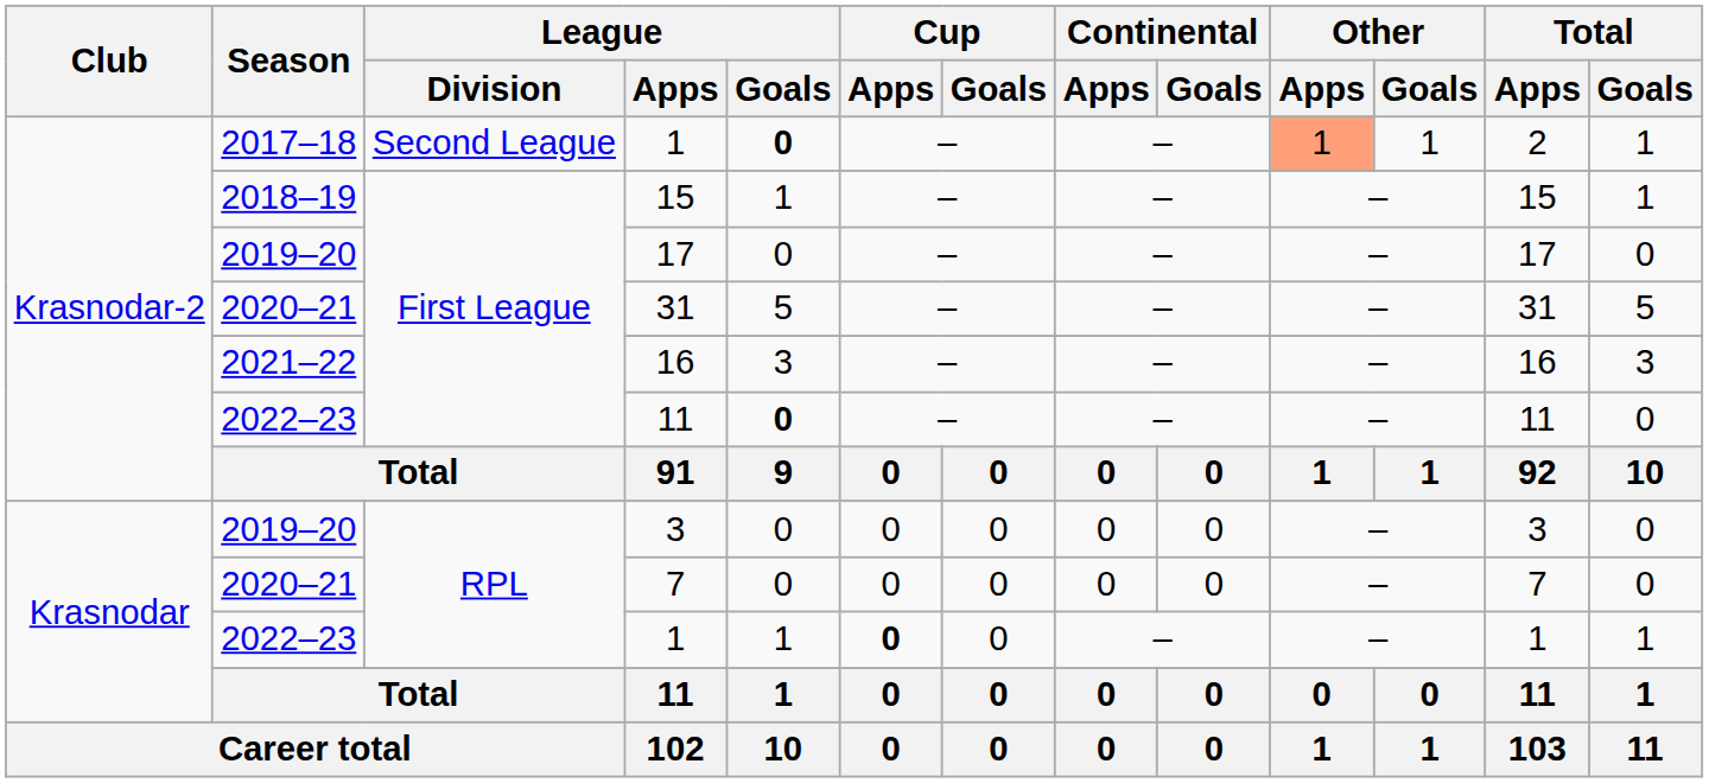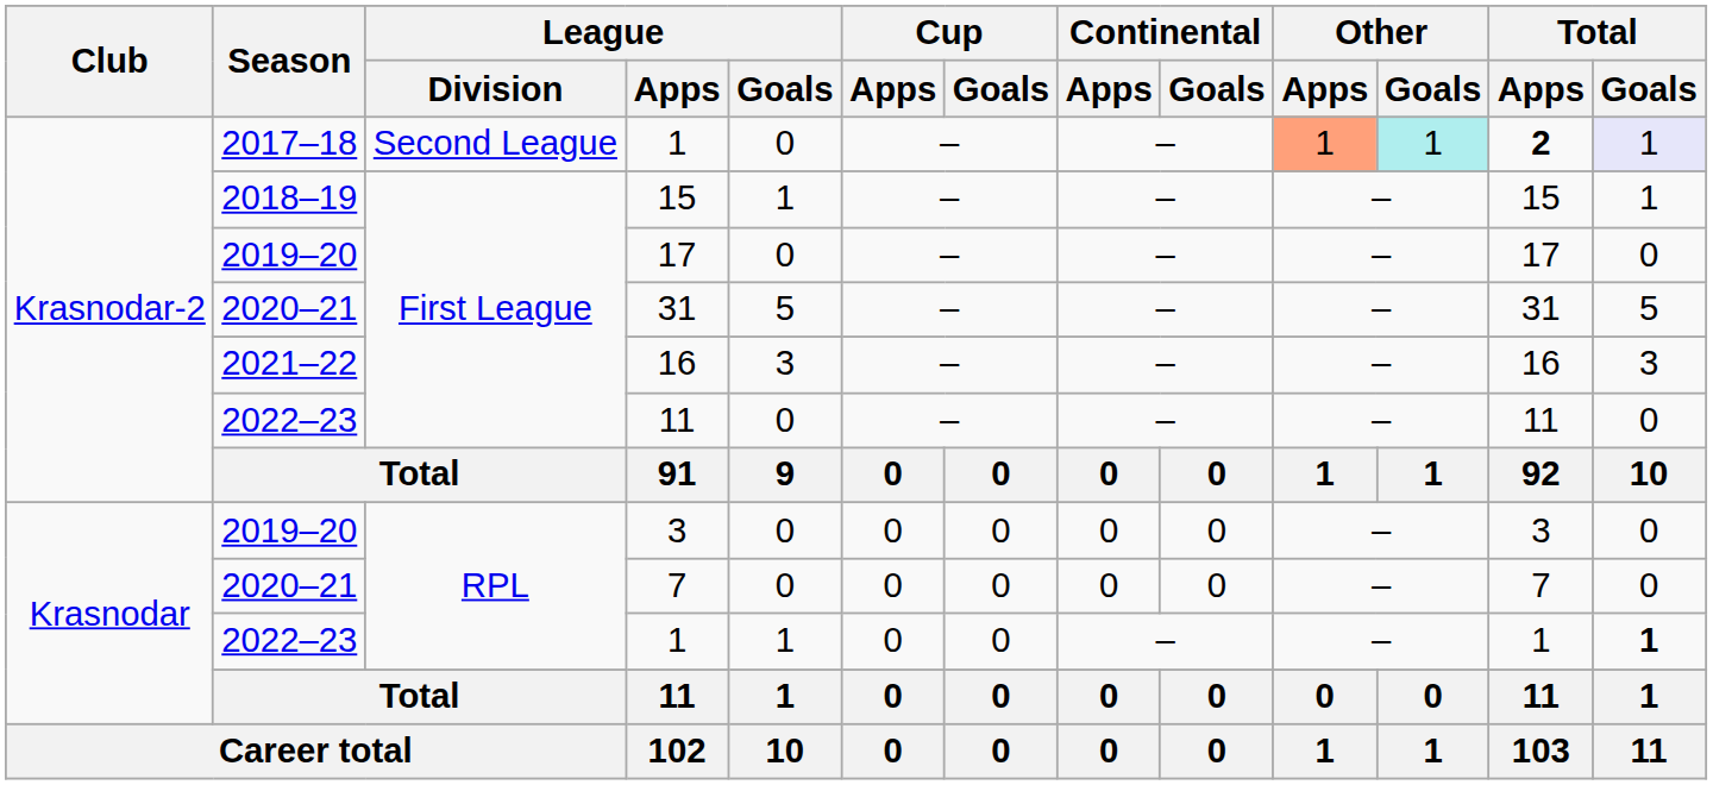 <table class="wikitable" style="text-align: center;">
 <tr>
 <th rowspan=2>Club</th>
 <th rowspan=2>Season</th>
 <th colspan=3>League</th>
 <th colspan=2>Cup</th>
 <th colspan=2>Continental</th>
 <th colspan=2>Other</th>
 <th colspan=2>Total</th>
 </tr>
 <tr>
 <th>Division</th>
 <th>Apps</th>
 <th>Goals</th>
 <th>Apps</th>
 <th>Goals</th>
 <th>Apps</th>
 <th>Goals</th>
 <th>Apps</th>
 <th>Goals</th>
 <th>Apps</th>
 <th>Goals</th>
 </tr>
 <tr>
 <td rowspan=7><a href='#'>Krasnodar-2</a></td>
 <td><a href='#'>2017–18</a></td>
 <td><a href='#'>Second League</a></td>
 <td>1</td>
-<td><strong>0</strong></td>
+<td>0</td>
 <td colspan=2>–</td>
 <td colspan=2>–</td>
 <td style="background: lightsalmon;">1</td>
-<td>1</td>
-<td>2</td>
-<td>1</td>
+<td style="background: paleturquoise;">1</td>
+<td><strong>2</strong></td>
+<td style="background: lavender;">1</td>
 </tr>
 <tr>
 <td><a href='#'>2018–19</a></td>
 <td rowspan=5><a href='#'>First League</a></td>
 <td>15</td>
 <td>1</td>
 <td colspan=2>–</td>
 <td colspan=2>–</td>
 <td colspan=2>–</td>
 <td>15</td>
 <td>1</td>
 </tr>
 <tr>
 <td><a href='#'>2019–20</a></td>
 <td>17</td>
 <td>0</td>
 <td colspan=2>–</td>
 <td colspan=2>–</td>
 <td colspan=2>–</td>
 <td>17</td>
 <td>0</td>
 </tr>
 <tr>
 <td><a href='#'>2020–21</a></td>
 <td>31</td>
 <td>5</td>
 <td colspan=2>–</td>
 <td colspan=2>–</td>
 <td colspan=2>–</td>
 <td>31</td>
 <td>5</td>
 </tr>
 <tr>
 <td><a href='#'>2021–22</a></td>
 <td>16</td>
 <td>3</td>
 <td colspan=2>–</td>
 <td colspan=2>–</td>
 <td colspan=2>–</td>
 <td>16</td>
 <td>3</td>
 </tr>
 <tr>
 <td><a href='#'>2022–23</a></td>
 <td>11</td>
-<td><strong>0</strong></td>
+<td>0</td>
 <td colspan=2>–</td>
 <td colspan=2>–</td>
 <td colspan=2>–</td>
 <td>11</td>
 <td>0</td>
 </tr>
 <tr>
 <th colspan=2>Total</th>
 <th>91</th>
 <th>9</th>
 <th>0</th>
 <th>0</th>
 <th>0</th>
 <th>0</th>
 <th>1</th>
 <th>1</th>
 <th>92</th>
 <th>10</th>
 </tr>
 <tr>
 <td rowspan=4><a href='#'>Krasnodar</a></td>
 <td><a href='#'>2019–20</a></td>
 <td rowspan=3><a href='#'>RPL</a></td>
 <td>3</td>
 <td>0</td>
 <td>0</td>
 <td>0</td>
 <td>0</td>
 <td>0</td>
 <td colspan=2>–</td>
 <td>3</td>
 <td>0</td>
 </tr>
 <tr>
 <td><a href='#'>2020–21</a></td>
 <td>7</td>
 <td>0</td>
 <td>0</td>
 <td>0</td>
 <td>0</td>
 <td>0</td>
 <td colspan=2>–</td>
 <td>7</td>
 <td>0</td>
 </tr>
 <tr>
 <td><a href='#'>2022–23</a></td>
 <td>1</td>
 <td>1</td>
-<td><strong>0</strong></td>
+<td>0</td>
 <td>0</td>
 <td colspan=2>–</td>
 <td colspan=2>–</td>
 <td>1</td>
-<td>1</td>
+<td><strong>1</strong></td>
 </tr>
 <tr>
 <th colspan=2>Total</th>
 <th>11</th>
 <th>1</th>
 <th>0</th>
 <th>0</th>
 <th>0</th>
 <th>0</th>
 <th>0</th>
 <th>0</th>
 <th>11</th>
 <th>1</th>
 </tr>
 <tr>
 <th colspan=3>Career total</th>
 <th>102</th>
 <th>10</th>
 <th>0</th>
 <th>0</th>
 <th>0</th>
 <th>0</th>
 <th>1</th>
 <th>1</th>
 <th>103</th>
 <th>11</th>
 </tr>
 </table>
